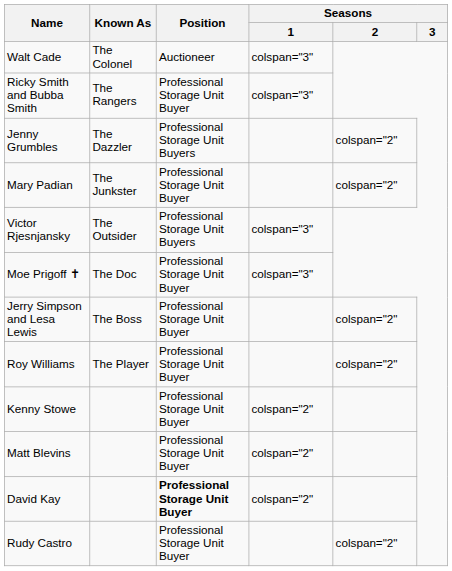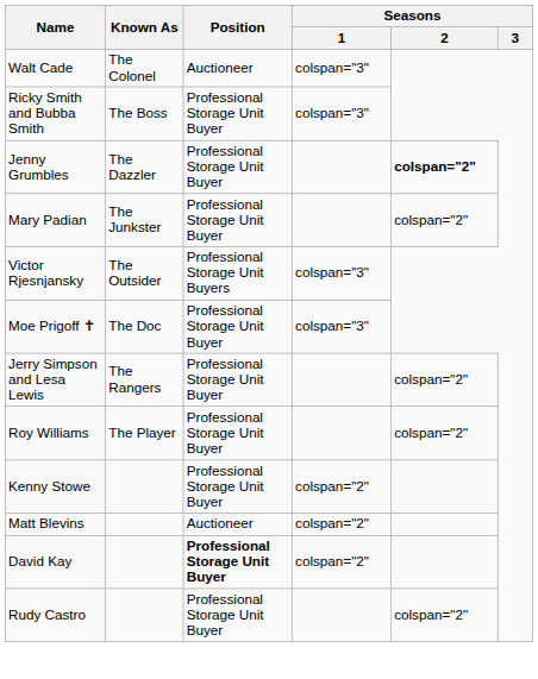 <table class="wikitable">
 <tr>
 <th rowspan="2" style="width:3%;">Name</th>
 <th rowspan="2" style="width:3%;">Known As</th>
 <th rowspan="2" style="width:3%;">Position</th>
 <th colspan="3" style="width:3%;">Seasons</th>
 </tr>
 <tr>
 <th style="width:3%;">1</th>
 <th style="width:3%;">2</th>
 <th style="width:3%;">3</th>
 </tr>
 <tr>
 <td>Walt Cade</td>
 <td>The Colonel</td>
 <td>Auctioneer</td>
 <td>colspan="3" </td>
 </tr>
 <tr>
 <td>Ricky Smith and Bubba Smith</td>
-<td>The Rangers</td>
+<td>The Boss</td>
 <td>Professional Storage Unit Buyer</td>
 <td>colspan="3" </td>
 </tr>
 <tr>
 <td>Jenny Grumbles</td>
 <td>The Dazzler</td>
-<td>Professional Storage Unit Buyers</td>
+<td>Professional Storage Unit Buyer</td>
 <td></td>
-<td>colspan="2" </td>
+<td><strong>colspan="2" </strong></td>
 </tr>
 <tr>
 <td>Mary Padian</td>
 <td>The Junkster</td>
 <td>Professional Storage Unit Buyer</td>
 <td></td>
 <td>colspan="2" </td>
 </tr>
 <tr>
 <td>Victor Rjesnjansky </td>
 <td>The Outsider</td>
 <td>Professional Storage Unit Buyers</td>
 <td>colspan="3" </td>
 </tr>
 <tr>
 <td>Moe Prigoff ✝︎ </td>
 <td>The Doc</td>
 <td>Professional Storage Unit Buyer</td>
 <td>colspan="3" </td>
 </tr>
 <tr>
 <td>Jerry Simpson and Lesa Lewis</td>
-<td>The Boss</td>
+<td>The Rangers</td>
 <td>Professional Storage Unit Buyer</td>
 <td></td>
 <td>colspan="2" </td>
 </tr>
 <tr>
 <td>Roy Williams</td>
 <td>The Player</td>
 <td>Professional Storage Unit Buyer</td>
 <td></td>
 <td>colspan="2" </td>
 </tr>
 <tr>
 <td>Kenny Stowe</td>
 <td></td>
 <td>Professional Storage Unit Buyer</td>
 <td>colspan="2" </td>
 <td></td>
 </tr>
 <tr>
 <td>Matt Blevins</td>
 <td></td>
-<td>Professional Storage Unit Buyer</td>
+<td>Auctioneer</td>
 <td>colspan="2" </td>
 <td></td>
 </tr>
 <tr>
 <td>David Kay</td>
 <td></td>
 <td><strong>Professional Storage Unit Buyer</strong></td>
 <td>colspan="2" </td>
 <td></td>
 </tr>
 <tr>
 <td>Rudy Castro</td>
 <td></td>
 <td>Professional Storage Unit Buyer</td>
 <td></td>
 <td>colspan="2" </td>
 </tr>
 </table>
